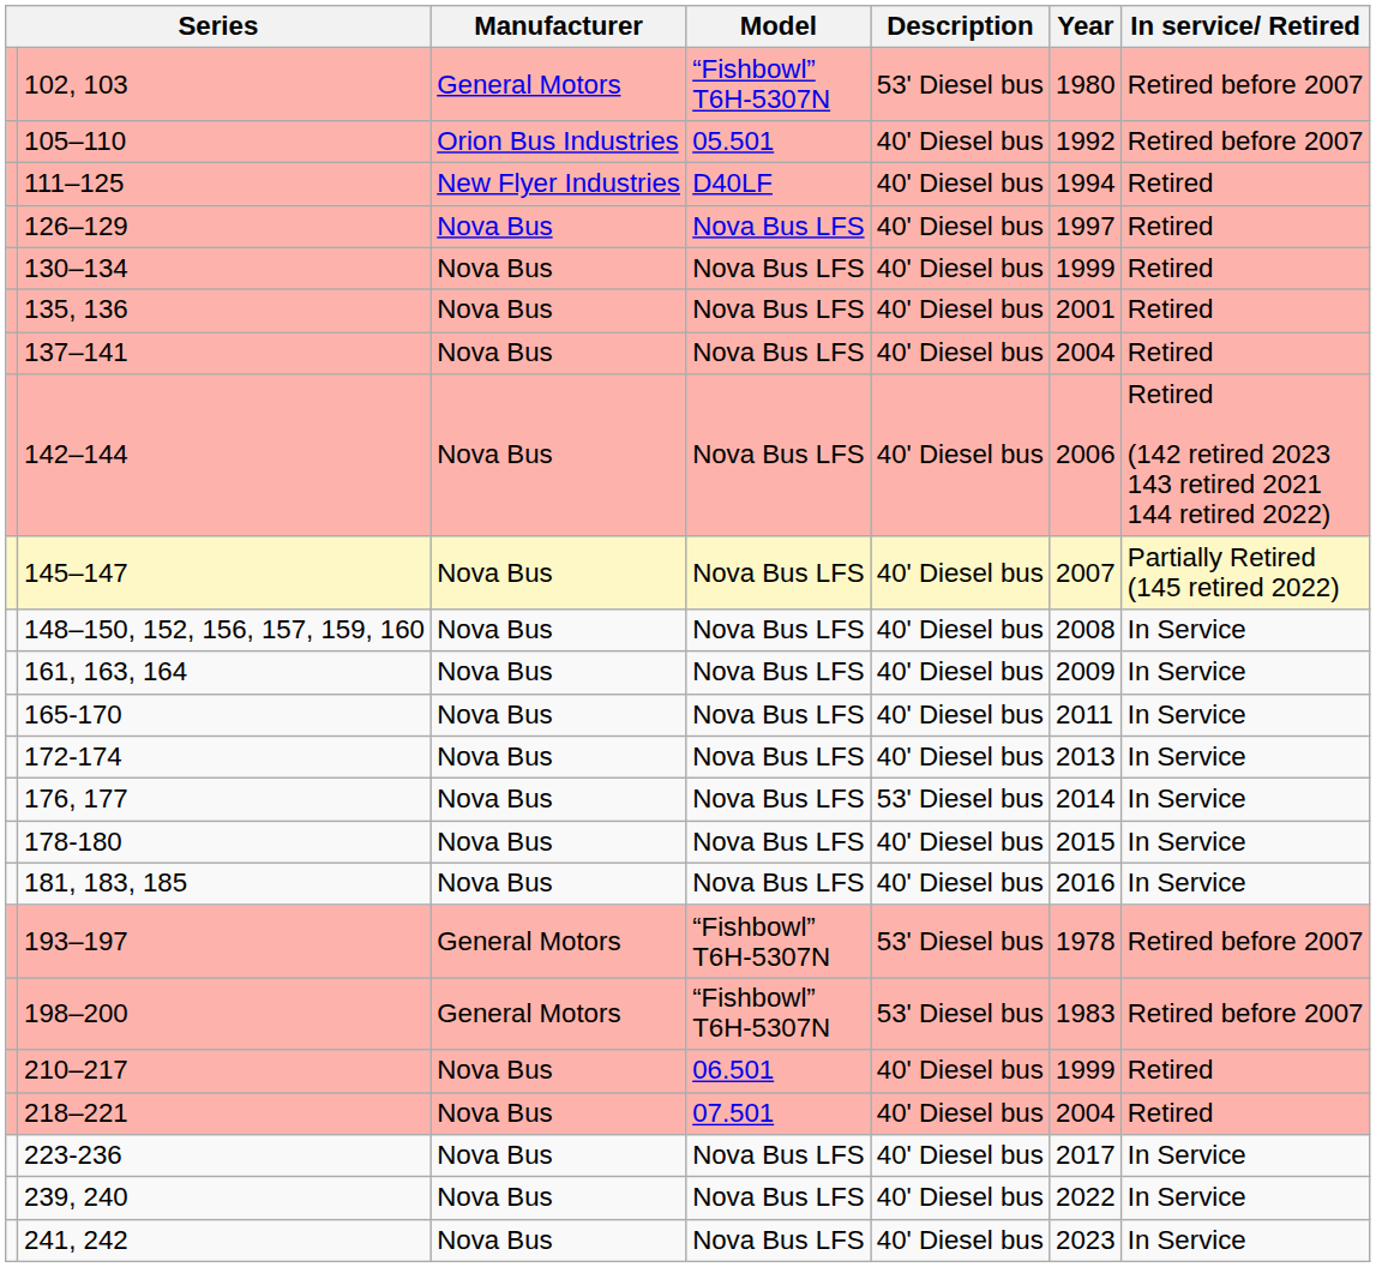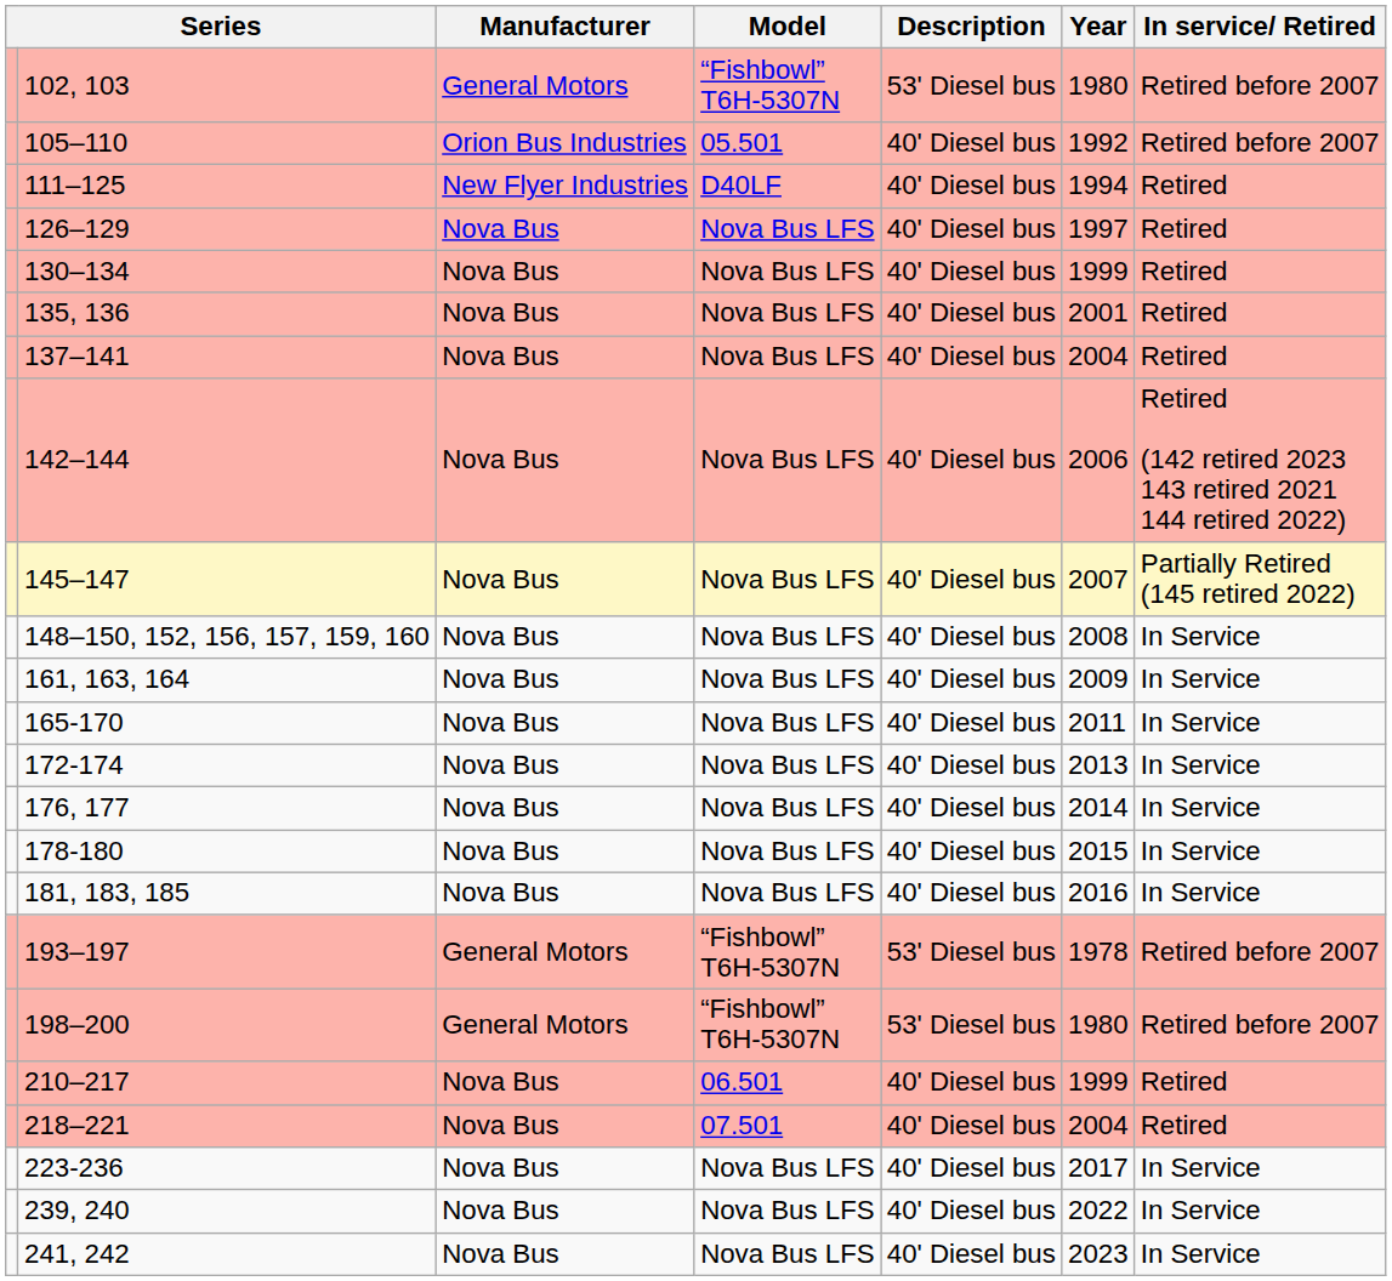 <table class="wikitable sortable">
 <tr>
 <th colspan="2">Series</th>
 <th>Manufacturer</th>
 <th>Model</th>
 <th class="unsortable">Description</th>
 <th>Year</th>
 <th>In service/ Retired<br></th>
 </tr>
 <tr style="background:#fdb3ab;">
 <td></td>
 <td>102, 103</td>
 <td><a href='#'>General Motors</a></td>
 <td><a href='#'>“Fishbowl”<br>T6H-5307N</a></td>
 <td>53' Diesel bus</td>
 <td>1980</td>
 <td>Retired before 2007</td>
 </tr>
 <tr style="background:#fdb3ab;">
 <td></td>
 <td>105–110</td>
 <td><a href='#'>Orion Bus Industries</a></td>
 <td><a href='#'>05.501</a></td>
 <td>40' Diesel bus</td>
 <td>1992</td>
 <td>Retired before 2007</td>
 </tr>
 <tr style="background:#fdb3ab;">
 <td></td>
 <td>111–125</td>
 <td><a href='#'>New Flyer Industries</a></td>
 <td><a href='#'>D40LF</a></td>
 <td>40' Diesel bus</td>
 <td>1994</td>
 <td>Retired</td>
 </tr>
 <tr style="background:#fdb3ab;">
 <td></td>
 <td>126–129</td>
 <td><a href='#'>Nova Bus</a></td>
 <td><a href='#'>Nova Bus LFS</a></td>
 <td>40' Diesel bus</td>
 <td>1997</td>
 <td>Retired</td>
 </tr>
 <tr style="background:#fdb3ab;">
 <td></td>
 <td>130–134</td>
 <td>Nova Bus</td>
 <td>Nova Bus LFS</td>
 <td>40' Diesel bus</td>
 <td>1999</td>
 <td>Retired</td>
 </tr>
 <tr style="background:#fdb3ab;">
 <td></td>
 <td>135, 136</td>
 <td>Nova Bus</td>
 <td>Nova Bus LFS</td>
 <td>40' Diesel bus</td>
 <td>2001</td>
 <td>Retired</td>
 </tr>
 <tr style="background:#fdb3ab;">
 <td></td>
 <td>137–141</td>
 <td>Nova Bus</td>
 <td>Nova Bus LFS</td>
 <td>40' Diesel bus</td>
 <td>2004</td>
 <td>Retired</td>
 </tr>
 <tr style="background:#fdb3ab;">
 <td></td>
 <td>142–144</td>
 <td>Nova Bus</td>
 <td>Nova Bus LFS</td>
 <td>40' Diesel bus</td>
 <td>2006</td>
 <td>Retired<br><br>(142 retired 2023 <br> 143 retired 2021<br> 144 retired 2022)</td>
 </tr>
 <tr style="background:#fef8c6;">
 <td></td>
 <td>145–147</td>
 <td>Nova Bus</td>
 <td>Nova Bus LFS</td>
 <td>40' Diesel bus</td>
 <td>2007</td>
 <td>Partially Retired<br>(145 retired 2022)</td>
 </tr>
 <tr>
 <td></td>
 <td>148–150, 152, 156, 157, 159, 160</td>
 <td>Nova Bus</td>
 <td>Nova Bus LFS</td>
 <td>40' Diesel bus</td>
 <td>2008</td>
 <td>In Service</td>
 </tr>
 <tr>
 <td></td>
 <td>161, 163, 164</td>
 <td>Nova Bus</td>
 <td>Nova Bus LFS</td>
 <td>40' Diesel bus</td>
 <td>2009</td>
 <td>In Service</td>
 </tr>
 <tr>
 <td></td>
 <td>165-170</td>
 <td>Nova Bus</td>
 <td>Nova Bus LFS</td>
 <td>40' Diesel bus</td>
 <td>2011</td>
 <td>In Service</td>
 </tr>
 <tr>
 <td></td>
 <td>172-174</td>
 <td>Nova Bus</td>
 <td>Nova Bus LFS</td>
 <td>40' Diesel bus</td>
 <td>2013</td>
 <td>In Service</td>
 </tr>
 <tr>
 <td></td>
 <td>176, 177</td>
 <td>Nova Bus</td>
 <td>Nova Bus LFS</td>
-<td>53' Diesel bus</td>
+<td>40' Diesel bus</td>
 <td>2014</td>
 <td>In Service</td>
 </tr>
 <tr>
 <td></td>
 <td>178-180</td>
 <td>Nova Bus</td>
 <td>Nova Bus LFS</td>
 <td>40' Diesel bus</td>
 <td>2015</td>
 <td>In Service</td>
 </tr>
 <tr>
 <td></td>
 <td>181, 183, 185</td>
 <td>Nova Bus</td>
 <td>Nova Bus LFS</td>
 <td>40' Diesel bus</td>
 <td>2016</td>
 <td>In Service</td>
 </tr>
 <tr style="background:#fdb3ab;">
 <td></td>
 <td>193–197</td>
 <td>General Motors</td>
 <td>“Fishbowl”<br>T6H-5307N</td>
 <td>53' Diesel bus</td>
 <td>1978</td>
 <td>Retired before 2007</td>
 </tr>
 <tr style="background:#fdb3ab;">
 <td></td>
 <td>198–200</td>
 <td>General Motors</td>
 <td>“Fishbowl”<br>T6H-5307N</td>
 <td>53' Diesel bus</td>
-<td>1983</td>
+<td>1980</td>
 <td>Retired before 2007</td>
 </tr>
 <tr style="background:#fdb3ab;">
 <td></td>
 <td>210–217</td>
 <td>Nova Bus</td>
 <td><a href='#'>06.501</a></td>
 <td>40' Diesel bus</td>
 <td>1999</td>
 <td>Retired</td>
 </tr>
 <tr style="background:#fdb3ab;">
 <td></td>
 <td>218–221</td>
 <td>Nova Bus</td>
 <td><a href='#'>07.501</a></td>
 <td>40' Diesel bus</td>
 <td>2004</td>
 <td>Retired</td>
 </tr>
 <tr>
 <td></td>
 <td>223-236</td>
 <td>Nova Bus</td>
 <td>Nova Bus LFS</td>
 <td>40' Diesel bus</td>
 <td>2017</td>
 <td>In Service</td>
 </tr>
 <tr>
 <td></td>
 <td>239, 240</td>
 <td>Nova Bus</td>
 <td>Nova Bus LFS</td>
 <td>40' Diesel bus</td>
 <td>2022</td>
 <td>In Service</td>
 </tr>
 <tr>
 <td></td>
 <td>241, 242</td>
 <td>Nova Bus</td>
 <td>Nova Bus LFS</td>
 <td>40' Diesel bus</td>
 <td>2023</td>
 <td>In Service</td>
 </tr>
 </table>
